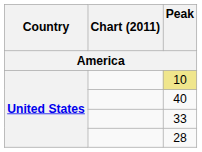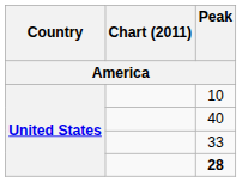 <table class="wikitable sortable">
 <tr>
 <th>Country</th>
 <th>Chart (2011)</th>
 <th>Peak<br><br><br></th>
 </tr>
 <tr>
 <th colspan="9">America</th>
 </tr>
 <tr>
 <th rowspan="4"><a href='#'>United States</a></th>
 <td></td>
-<td align="center" style="background: khaki;">10</td>
+<td align="center">10</td>
 </tr>
 <tr>
 <td></td>
 <td align="center">40</td>
 </tr>
 <tr>
 <td></td>
 <td align="center">33</td>
 </tr>
 <tr>
 <td></td>
-<td align="center">28</td>
+<td align="center"><strong>28</strong></td>
 </tr>
 </table>
